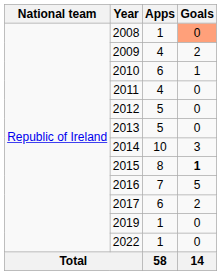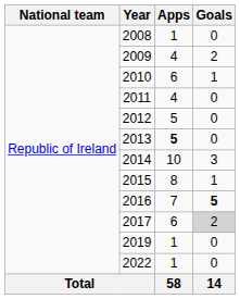 <table class="sortable wikitable" style="text-align:center">
 <tr>
 <th scope="col">National team</th>
 <th scope="col">Year</th>
 <th !scope="col">Apps</th>
 <th !scope="col">Goals</th>
 </tr>
 <tr>
 <td rowspan="12"><a href='#'>Republic of Ireland</a></td>
 <td scope="row">2008</td>
 <td>1</td>
-<td style="background: lightsalmon;">0</td>
+<td>0</td>
 </tr>
 <tr>
 <td scope="row">2009</td>
 <td>4</td>
 <td>2</td>
 </tr>
 <tr>
 <td scope="row">2010</td>
 <td>6</td>
 <td>1</td>
 </tr>
 <tr>
 <td scope="row">2011</td>
 <td>4</td>
 <td>0</td>
 </tr>
 <tr>
 <td scope="row">2012</td>
 <td>5</td>
 <td>0</td>
 </tr>
 <tr>
 <td scope="row">2013</td>
-<td>5</td>
+<td><strong>5</strong></td>
 <td>0</td>
 </tr>
 <tr>
 <td scope="row">2014</td>
 <td>10</td>
 <td>3</td>
 </tr>
 <tr>
 <td scope="row">2015</td>
 <td>8</td>
-<td><strong>1</strong></td>
+<td>1</td>
 </tr>
 <tr>
 <td scope="row">2016</td>
 <td>7</td>
-<td>5</td>
+<td><strong>5</strong></td>
 </tr>
 <tr>
 <td scope="row">2017</td>
 <td>6</td>
-<td>2</td>
+<td style="background: lightgrey;">2</td>
 </tr>
 <tr>
 <td scope="row">2019</td>
 <td>1</td>
 <td>0</td>
 </tr>
 <tr>
 <td scope="row">2022</td>
 <td>1</td>
 <td>0</td>
 </tr>
 <tr>
 <th colspan="2">Total</th>
 <th>58</th>
 <th>14</th>
 </tr>
 </table>
